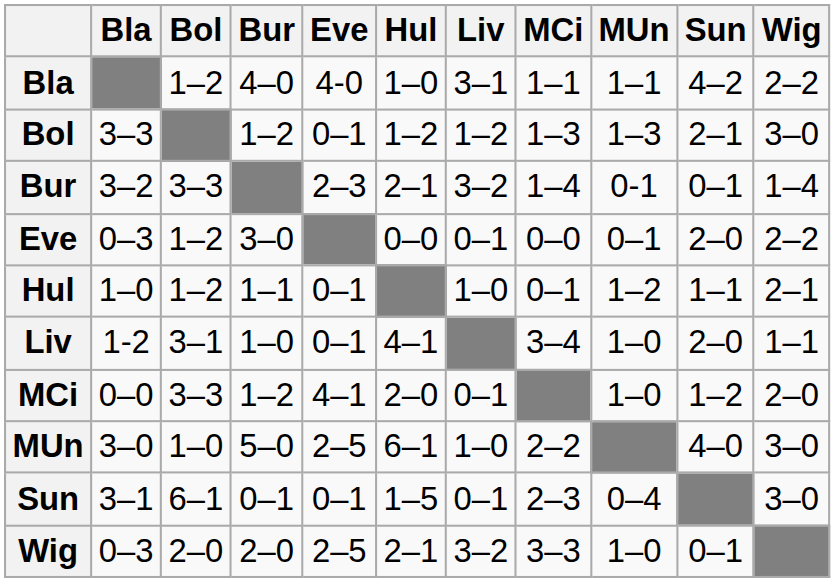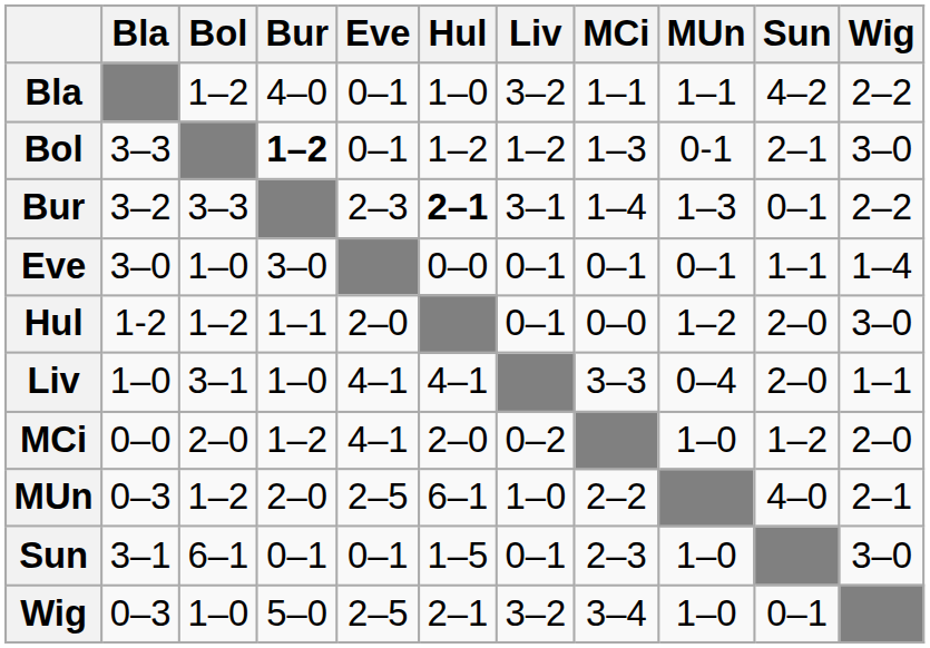 <table class="wikitable" style="text-align:center; font-size:100%">
 <tr>
 <th></th>
 <th>Bla</th>
 <th>Bol</th>
 <th>Bur</th>
 <th>Eve</th>
 <th>Hul</th>
 <th>Liv</th>
 <th>MCi</th>
 <th>MUn</th>
 <th>Sun</th>
 <th>Wig</th>
 </tr>
 <tr>
 <th>Bla</th>
 <td bgcolor="#808080"></td>
 <td>1–2</td>
 <td>4–0</td>
-<td>4-0</td>
+<td>0–1</td>
 <td>1–0</td>
-<td>3–1</td>
+<td>3–2</td>
 <td>1–1</td>
 <td>1–1</td>
 <td>4–2</td>
 <td>2–2</td>
 </tr>
 <tr>
 <th>Bol</th>
 <td>3–3</td>
 <td bgcolor="#808080"></td>
-<td>1–2</td>
+<td><strong>1–2</strong></td>
 <td>0–1</td>
 <td>1–2</td>
 <td>1–2</td>
 <td>1–3</td>
-<td>1–3</td>
+<td>0-1</td>
 <td>2–1</td>
 <td>3–0</td>
 </tr>
 <tr>
 <th>Bur</th>
 <td>3–2</td>
 <td>3–3</td>
 <td bgcolor="#808080"></td>
 <td>2–3</td>
-<td>2–1</td>
-<td>3–2</td>
+<td><strong>2–1</strong></td>
+<td>3–1</td>
 <td>1–4</td>
-<td>0-1</td>
+<td>1–3</td>
 <td>0–1</td>
-<td>1–4</td>
+<td>2–2</td>
 </tr>
 <tr>
 <th>Eve</th>
-<td>0–3</td>
-<td>1–2</td>
+<td>3–0</td>
+<td>1–0</td>
 <td>3–0</td>
 <td bgcolor="#808080"></td>
 <td>0–0</td>
 <td>0–1</td>
-<td>0–0</td>
 <td>0–1</td>
-<td>2–0</td>
-<td>2–2</td>
+<td>0–1</td>
+<td>1–1</td>
+<td>1–4</td>
 </tr>
 <tr>
 <th>Hul</th>
-<td>1–0</td>
+<td>1-2</td>
 <td>1–2</td>
 <td>1–1</td>
+<td>2–0</td>
+<td bgcolor="#808080"></td>
 <td>0–1</td>
-<td bgcolor="#808080"></td>
-<td>1–0</td>
-<td>0–1</td>
+<td>0–0</td>
 <td>1–2</td>
-<td>1–1</td>
-<td>2–1</td>
+<td>2–0</td>
+<td>3–0</td>
 </tr>
 <tr>
 <th>Liv</th>
-<td>1-2</td>
+<td>1–0</td>
 <td>3–1</td>
 <td>1–0</td>
-<td>0–1</td>
+<td>4–1</td>
 <td>4–1</td>
 <td bgcolor="#808080"></td>
-<td>3–4</td>
-<td>1–0</td>
+<td>3–3</td>
+<td>0–4</td>
 <td>2–0</td>
 <td>1–1</td>
 </tr>
 <tr>
 <th>MCi</th>
 <td>0–0</td>
-<td>3–3</td>
+<td>2–0</td>
 <td>1–2</td>
 <td>4–1</td>
 <td>2–0</td>
-<td>0–1</td>
+<td>0–2</td>
 <td bgcolor="#808080"></td>
 <td>1–0</td>
 <td>1–2</td>
 <td>2–0</td>
 </tr>
 <tr>
 <th>MUn</th>
-<td>3–0</td>
-<td>1–0</td>
-<td>5–0</td>
+<td>0–3</td>
+<td>1–2</td>
+<td>2–0</td>
 <td>2–5</td>
 <td>6–1</td>
 <td>1–0</td>
 <td>2–2</td>
 <td bgcolor="#808080"></td>
 <td>4–0</td>
-<td>3–0</td>
+<td>2–1</td>
 </tr>
 <tr>
 <th>Sun</th>
 <td>3–1</td>
 <td>6–1</td>
 <td>0–1</td>
 <td>0–1</td>
 <td>1–5</td>
 <td>0–1</td>
 <td>2–3</td>
-<td>0–4</td>
+<td>1–0</td>
 <td bgcolor="#808080"></td>
 <td>3–0</td>
 </tr>
 <tr>
 <th>Wig</th>
 <td>0–3</td>
-<td>2–0</td>
-<td>2–0</td>
+<td>1–0</td>
+<td>5–0</td>
 <td>2–5</td>
 <td>2–1</td>
 <td>3–2</td>
-<td>3–3</td>
+<td>3–4</td>
 <td>1–0</td>
 <td>0–1</td>
 <td bgcolor="#808080"></td>
 </tr>
 </table>
